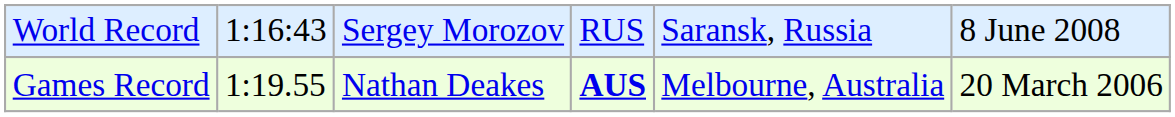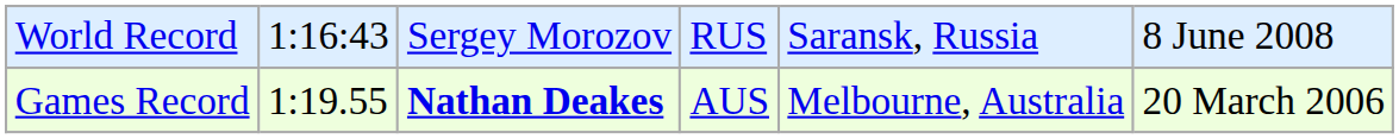 <table class="wikitable">
 <tr bgcolor = "ddeeff">
 <td><a href='#'>World Record</a></td>
 <td>1:16:43</td>
 <td><a href='#'>Sergey Morozov</a></td>
 <td><a href='#'>RUS</a></td>
 <td><a href='#'>Saransk</a>, <a href='#'>Russia</a></td>
 <td>8 June 2008</td>
 </tr>
 <tr bgcolor = "eeffdd">
 <td><a href='#'>Games Record</a></td>
 <td>1:19.55</td>
-<td><a href='#'>Nathan Deakes</a></td>
-<td><strong><a href='#'>AUS</a></strong></td>
+<td><strong><a href='#'>Nathan Deakes</a></strong></td>
+<td><a href='#'>AUS</a></td>
 <td><a href='#'>Melbourne</a>, <a href='#'>Australia</a></td>
 <td>20 March 2006</td>
 </tr>
 </table>
